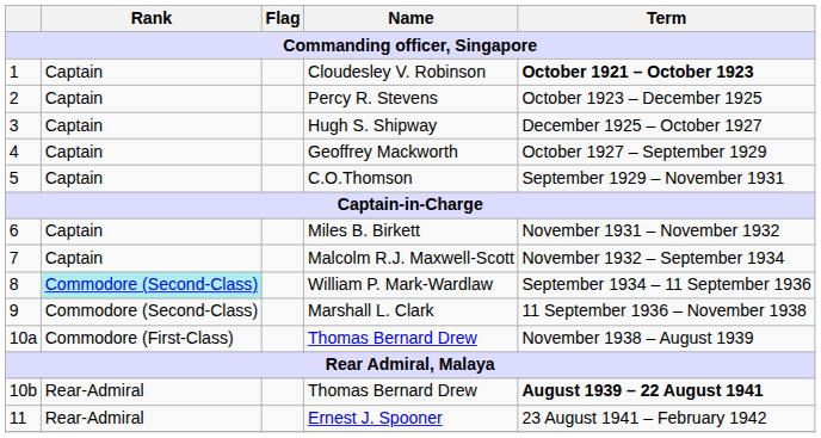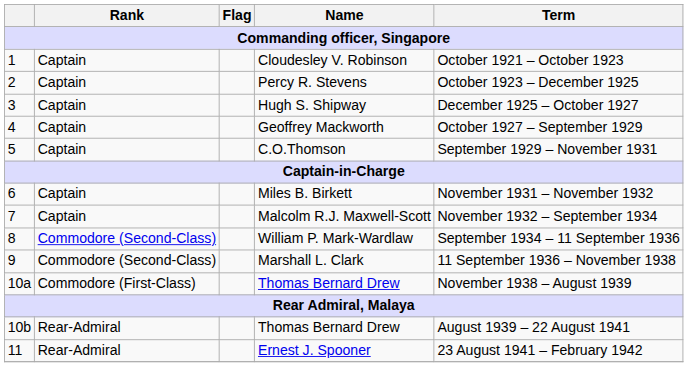 <table class="wikitable">
 <tr>
 <th></th>
 <th>Rank</th>
 <th>Flag</th>
 <th>Name</th>
 <th>Term</th>
 </tr>
 <tr>
 <td colspan="5" align="center" style="background:#dcdcfe;"><strong>Commanding officer, Singapore</strong></td>
 </tr>
 <tr>
 <td>1</td>
 <td>Captain</td>
 <td></td>
 <td>Cloudesley V. Robinson</td>
-<td><strong>October 1921 – October 1923</strong></td>
+<td>October 1921 – October 1923</td>
 </tr>
 <tr>
 <td>2</td>
 <td>Captain</td>
 <td></td>
 <td>Percy R. Stevens</td>
 <td>October 1923 – December 1925</td>
 </tr>
 <tr>
 <td>3</td>
 <td>Captain</td>
 <td></td>
 <td>Hugh S. Shipway</td>
 <td>December 1925 – October 1927</td>
 </tr>
 <tr>
 <td>4</td>
 <td>Captain</td>
 <td></td>
 <td>Geoffrey Mackworth</td>
 <td>October 1927 – September 1929</td>
 </tr>
 <tr>
 <td>5</td>
 <td>Captain</td>
 <td></td>
 <td>C.O.Thomson</td>
 <td>September 1929 – November 1931</td>
 </tr>
 <tr>
 <td colspan="5" align="center" style="background:#dcdcfe;"><strong>Captain-in-Charge</strong></td>
 </tr>
 <tr>
 <td>6</td>
 <td>Captain</td>
 <td></td>
 <td>Miles B. Birkett</td>
 <td>November 1931 – November 1932</td>
 </tr>
 <tr>
 <td>7</td>
 <td>Captain</td>
 <td></td>
 <td>Malcolm R.J. Maxwell-Scott</td>
 <td>November 1932 – September 1934</td>
 </tr>
 <tr>
 <td>8</td>
-<td style="background: paleturquoise;"><a href='#'>Commodore (Second-Class)</a></td>
+<td><a href='#'>Commodore (Second-Class)</a></td>
 <td></td>
 <td>William P. Mark-Wardlaw</td>
 <td>September 1934 – 11 September 1936</td>
 </tr>
 <tr>
 <td>9</td>
 <td>Commodore (Second-Class)</td>
 <td></td>
 <td>Marshall L. Clark</td>
 <td>11 September 1936 – November 1938</td>
 </tr>
 <tr>
 <td>10a</td>
 <td>Commodore (First-Class)</td>
 <td></td>
 <td><a href='#'>Thomas Bernard Drew</a></td>
 <td>November 1938 – August 1939</td>
 </tr>
 <tr>
 <td colspan="5" align="center" style="background:#dcdcfe;"><strong>Rear Admiral, Malaya</strong></td>
 </tr>
 <tr>
 <td>10b</td>
 <td>Rear-Admiral</td>
 <td></td>
 <td>Thomas Bernard Drew</td>
-<td><strong>August 1939 – 22 August 1941</strong></td>
+<td>August 1939 – 22 August 1941</td>
 </tr>
 <tr>
 <td>11</td>
 <td>Rear-Admiral</td>
 <td></td>
 <td><a href='#'>Ernest J. Spooner</a></td>
 <td>23 August 1941 – February 1942</td>
 </tr>
 <tr>
 </tr>
 </table>
